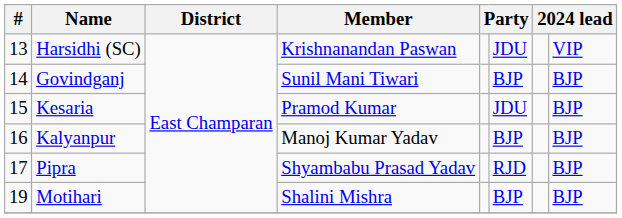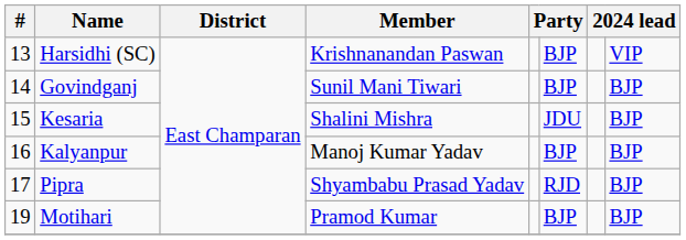 <table class="wikitable">
 <tr>
 <th>#</th>
 <th>Name</th>
 <th>District</th>
 <th>Member</th>
 <th colspan="2">Party</th>
 <th colspan="2">2024 lead</th>
 </tr>
 <tr>
 <td>13</td>
 <td><a href='#'>Harsidhi</a> (SC)</td>
 <td rowspan="6"><a href='#'>East Champaran</a></td>
 <td><a href='#'>Krishnanandan Paswan</a></td>
 <td style="background-color: "></td>
-<td><a href='#'>JDU</a></td>
+<td><a href='#'>BJP</a></td>
 <td style="background-color: "></td>
 <td><a href='#'>VIP</a></td>
 </tr>
 <tr>
 <td>14</td>
 <td><a href='#'>Govindganj</a></td>
 <td><a href='#'>Sunil Mani Tiwari</a></td>
 <td style="background-color: "></td>
 <td><a href='#'>BJP</a></td>
 <td style="background-color: "></td>
 <td><a href='#'>BJP</a></td>
 </tr>
 <tr>
 <td>15</td>
 <td><a href='#'>Kesaria</a></td>
-<td><a href='#'>Pramod Kumar</a></td>
+<td><a href='#'>Shalini Mishra</a></td>
 <td style="background-color: "></td>
 <td><a href='#'>JDU</a></td>
 <td style="background-color: "></td>
 <td><a href='#'>BJP</a></td>
 </tr>
 <tr>
 <td>16</td>
 <td><a href='#'>Kalyanpur</a></td>
 <td>Manoj Kumar Yadav</td>
 <td style="background-color: "></td>
 <td><a href='#'>BJP</a></td>
 <td style="background-color: "></td>
 <td><a href='#'>BJP</a></td>
 </tr>
 <tr>
 <td>17</td>
 <td><a href='#'>Pipra</a></td>
 <td><a href='#'>Shyambabu Prasad Yadav</a></td>
 <td style="background-color: "></td>
 <td><a href='#'>RJD</a></td>
 <td style="background-color: "></td>
 <td><a href='#'>BJP</a></td>
 </tr>
 <tr>
 <td>19</td>
 <td><a href='#'>Motihari</a></td>
-<td><a href='#'>Shalini Mishra</a></td>
+<td><a href='#'>Pramod Kumar</a></td>
 <td style="background-color: "></td>
 <td><a href='#'>BJP</a></td>
 <td style="background-color: "></td>
 <td><a href='#'>BJP</a></td>
 </tr>
 <tr>
 </tr>
 </table>
